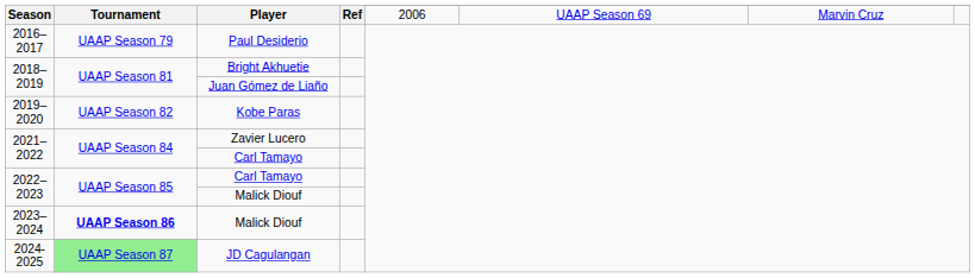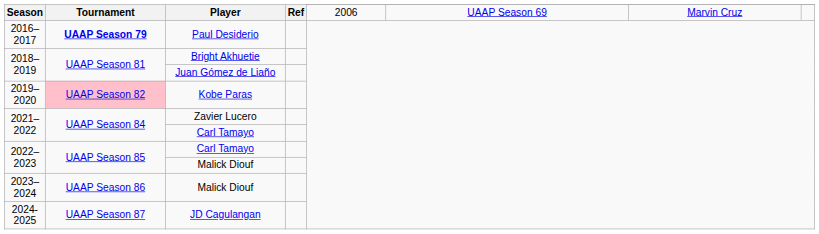 <table class="wikitable sortable" style="text-align:center" width="80%">
 <tr>
 <th style="width:25px;" rowspan="2">Season</th>
 <th style="width:180px;" rowspan="2">Tournament</th>
 <th style="width:180px;" rowspan="2">Player</th>
 <th style="width:25px;" rowspan="2">Ref</th>
 </tr>
 <tr align=center>
 <td>2006</td>
 <td><a href='#'>UAAP Season 69</a></td>
 <td><a href='#'>Marvin Cruz</a></td>
 <td></td>
 </tr>
 <tr align=center>
 <td>2016–2017</td>
-<td><a href='#'>UAAP Season 79</a></td>
+<td><strong><a href='#'>UAAP Season 79</a></strong></td>
 <td><a href='#'>Paul Desiderio</a></td>
 <td></td>
 </tr>
 <tr align=center>
 <td Rowspan=2>2018–2019</td>
 <td Rowspan=2><a href='#'>UAAP Season 81</a></td>
 <td><a href='#'>Bright Akhuetie</a></td>
 <td></td>
 </tr>
 <tr align=center>
 <td><a href='#'>Juan Gómez de Liaño</a></td>
 <td></td>
 </tr>
 <tr align=center>
 <td>2019–2020</td>
-<td><a href='#'>UAAP Season 82</a></td>
+<td style="background: pink;"><a href='#'>UAAP Season 82</a></td>
 <td><a href='#'>Kobe Paras</a></td>
 <td></td>
 </tr>
 <tr align=center>
 <td Rowspan=2>2021–2022</td>
 <td Rowspan=2><a href='#'>UAAP Season 84</a></td>
 <td>Zavier Lucero</td>
 <td></td>
 </tr>
 <tr align=center>
 <td><a href='#'>Carl Tamayo</a></td>
 <td></td>
 </tr>
 <tr align=center>
 <td Rowspan=2>2022–2023</td>
 <td Rowspan=2><a href='#'>UAAP Season 85</a></td>
 <td><a href='#'>Carl Tamayo</a></td>
 <td></td>
 </tr>
 <tr align=center>
 <td>Malick Diouf</td>
 <td></td>
 </tr>
 <tr align=center>
 <td>2023–2024</td>
-<td><strong><a href='#'>UAAP Season 86</a></strong></td>
+<td><a href='#'>UAAP Season 86</a></td>
 <td>Malick Diouf</td>
 <td></td>
 </tr>
 <tr>
 <td>2024-2025</td>
-<td style="background: lightgreen;"><a href='#'>UAAP Season 87</a></td>
+<td><a href='#'>UAAP Season 87</a></td>
 <td><a href='#'>JD Cagulangan</a></td>
 <td></td>
 </tr>
 </table>
